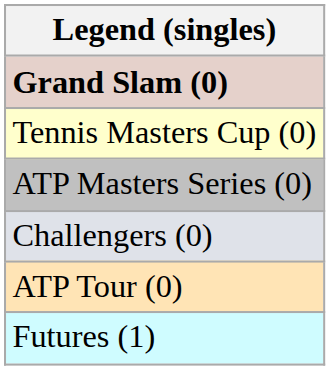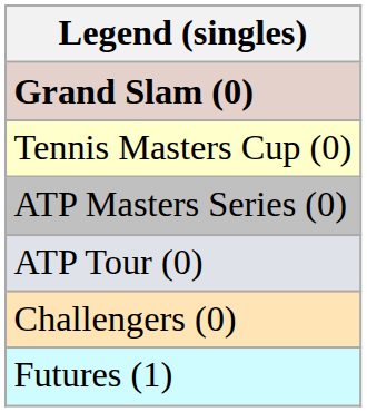 <table class="wikitable">
 <tr>
 <th>Legend (singles)</th>
 </tr>
 <tr bgcolor="#e5d1cb">
 <td><strong>Grand Slam (0)</strong></td>
 </tr>
 <tr bgcolor="ffffcc">
 <td>Tennis Masters Cup (0)</td>
 </tr>
 <tr bgcolor="silver">
 <td>ATP Masters Series (0)</td>
 </tr>
 <tr bgcolor="#dfe2e9">
-<td>Challengers (0)</td>
+<td>ATP Tour (0)</td>
 </tr>
 <tr bgcolor="moccasin">
-<td>ATP Tour (0)</td>
+<td>Challengers (0)</td>
 </tr>
 <tr bgcolor="CFFCFF">
 <td>Futures (1)</td>
 </tr>
 </table>
